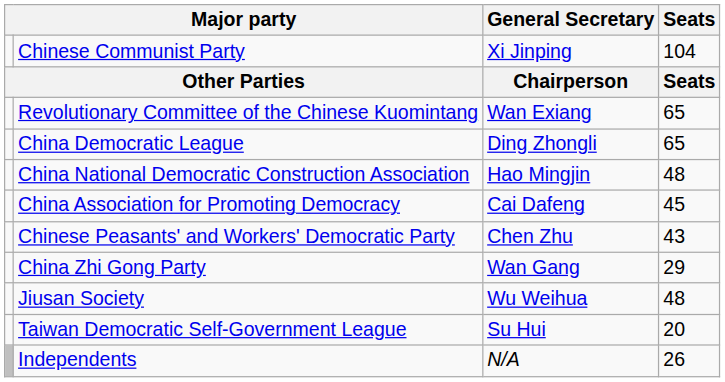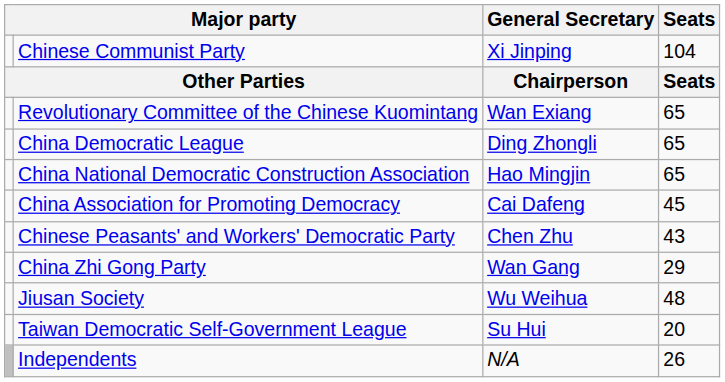 <table class="wikitable">
 <tr>
 <th colspan="2">Major party</th>
 <th>General Secretary</th>
 <th>Seats</th>
 </tr>
 <tr>
 <td style="background: "></td>
 <td><a href='#'>Chinese Communist Party</a></td>
 <td><a href='#'>Xi Jinping</a></td>
 <td>104</td>
 </tr>
 <tr>
 <th colspan="2">Other Parties</th>
 <th>Chairperson</th>
 <th>Seats</th>
 </tr>
 <tr>
 <td style="background: "></td>
 <td><a href='#'>Revolutionary Committee of the Chinese Kuomintang</a></td>
 <td><a href='#'>Wan Exiang</a></td>
 <td>65</td>
 </tr>
 <tr>
 <td style="background: "></td>
 <td><a href='#'>China Democratic League</a></td>
 <td><a href='#'>Ding Zhongli</a></td>
 <td>65</td>
 </tr>
 <tr>
 <td style="background: "></td>
 <td><a href='#'>China National Democratic Construction Association</a></td>
 <td><a href='#'>Hao Mingjin</a></td>
-<td>48</td>
+<td>65</td>
 </tr>
 <tr>
 <td style="background: "></td>
 <td><a href='#'>China Association for Promoting Democracy</a></td>
 <td><a href='#'>Cai Dafeng</a></td>
 <td>45</td>
 </tr>
 <tr>
 <td style="background: "></td>
 <td><a href='#'>Chinese Peasants' and Workers' Democratic Party</a></td>
 <td><a href='#'>Chen Zhu</a></td>
 <td>43</td>
 </tr>
 <tr>
 <td style="background: "></td>
 <td><a href='#'>China Zhi Gong Party</a></td>
 <td><a href='#'>Wan Gang</a></td>
 <td>29</td>
 </tr>
 <tr>
 <td style="background: "></td>
 <td><a href='#'>Jiusan Society</a></td>
 <td><a href='#'>Wu Weihua</a></td>
 <td>48</td>
 </tr>
 <tr>
 <td style="background: "></td>
 <td><a href='#'>Taiwan Democratic Self-Government League</a></td>
 <td><a href='#'>Su Hui</a></td>
 <td>20</td>
 </tr>
 <tr>
 <td style="background: #C0C0C0"></td>
 <td><a href='#'>Independents</a></td>
 <td><em>N/A</em></td>
 <td>26</td>
 </tr>
 </table>
